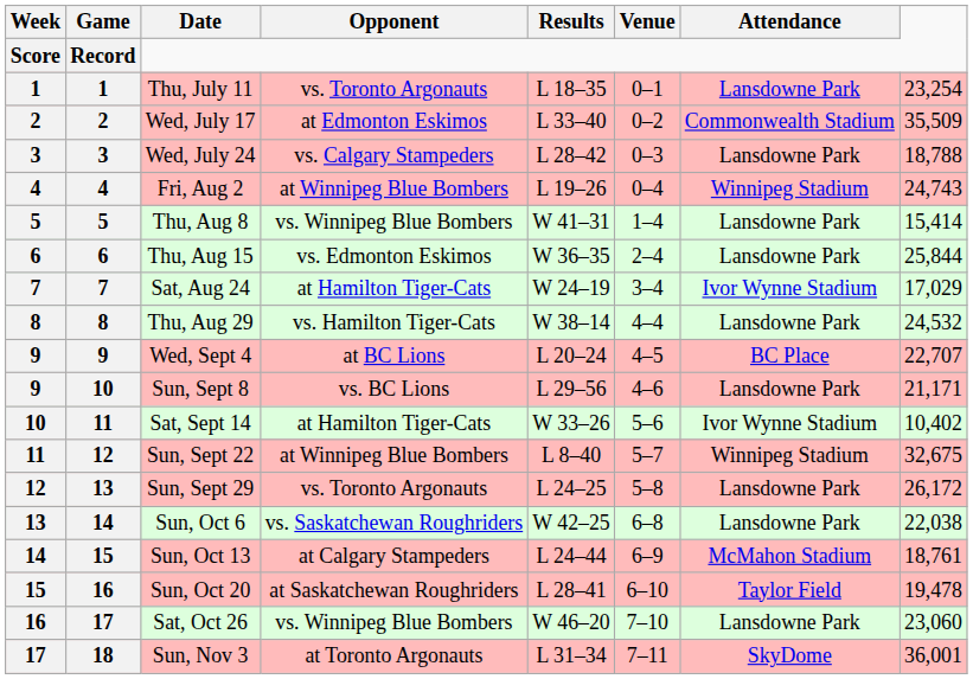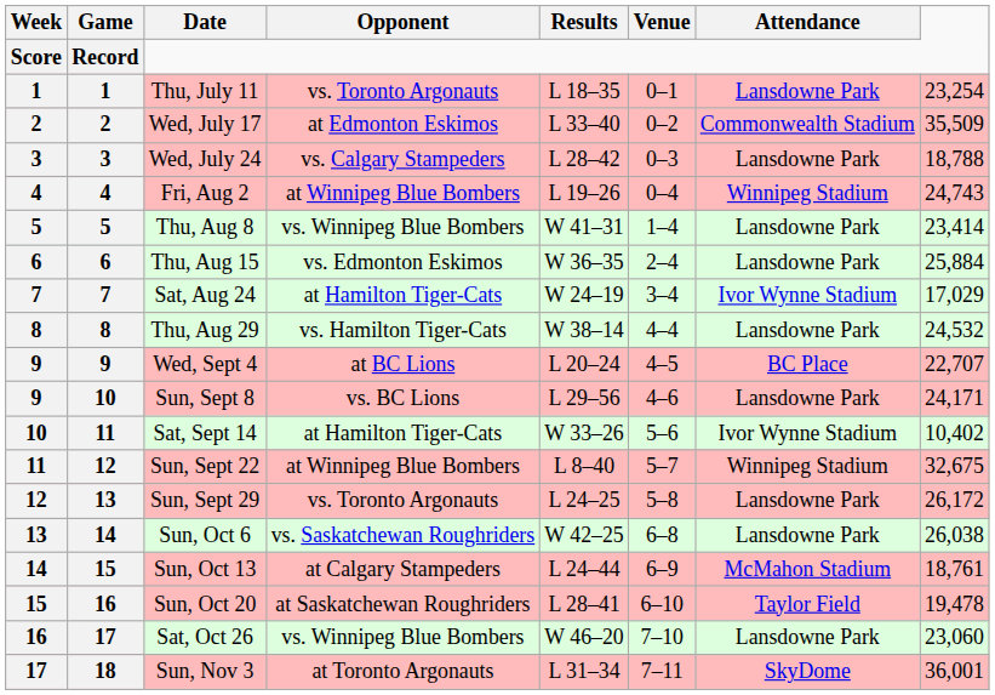 <table class="wikitable" style="text-align:center">
 <tr>
 <th>Week</th>
 <th>Game</th>
 <th>Date</th>
 <th>Opponent</th>
 <th>Results</th>
 <th>Venue</th>
 <th>Attendance</th>
 </tr>
 <tr>
 <th>Score</th>
 <th>Record</th>
 </tr>
 <tr style="background:#ffbbbb">
 <th>1</th>
 <th>1</th>
 <td>Thu, July 11</td>
 <td>vs. <a href='#'>Toronto Argonauts</a></td>
 <td>L 18–35</td>
 <td>0–1</td>
 <td><a href='#'>Lansdowne Park</a></td>
 <td>23,254</td>
 </tr>
 <tr style="background:#ffbbbb">
 <th>2</th>
 <th>2</th>
 <td>Wed, July 17</td>
 <td>at <a href='#'>Edmonton Eskimos</a></td>
 <td>L 33–40</td>
 <td>0–2</td>
 <td><a href='#'>Commonwealth Stadium</a></td>
 <td>35,509</td>
 </tr>
 <tr style="background:#ffbbbb">
 <th>3</th>
 <th>3</th>
 <td>Wed, July 24</td>
 <td>vs. <a href='#'>Calgary Stampeders</a></td>
 <td>L 28–42</td>
 <td>0–3</td>
 <td>Lansdowne Park</td>
 <td>18,788</td>
 </tr>
 <tr style="background:#ffbbbb">
 <th>4</th>
 <th>4</th>
 <td>Fri, Aug 2</td>
 <td>at <a href='#'>Winnipeg Blue Bombers</a></td>
 <td>L 19–26</td>
 <td>0–4</td>
 <td><a href='#'>Winnipeg Stadium</a></td>
 <td>24,743</td>
 </tr>
 <tr style="background:#ddffdd">
 <th>5</th>
 <th>5</th>
 <td>Thu, Aug 8</td>
 <td>vs. Winnipeg Blue Bombers</td>
 <td>W 41–31</td>
 <td>1–4</td>
 <td>Lansdowne Park</td>
-<td>15,414</td>
+<td>23,414</td>
 </tr>
 <tr style="background:#ddffdd">
 <th>6</th>
 <th>6</th>
 <td>Thu, Aug 15</td>
 <td>vs. Edmonton Eskimos</td>
 <td>W 36–35</td>
 <td>2–4</td>
 <td>Lansdowne Park</td>
-<td>25,844</td>
+<td>25,884</td>
 </tr>
 <tr style="background:#ddffdd">
 <th>7</th>
 <th>7</th>
 <td>Sat, Aug 24</td>
 <td>at <a href='#'>Hamilton Tiger-Cats</a></td>
 <td>W 24–19</td>
 <td>3–4</td>
 <td><a href='#'>Ivor Wynne Stadium</a></td>
 <td>17,029</td>
 </tr>
 <tr style="background:#ddffdd">
 <th>8</th>
 <th>8</th>
 <td>Thu, Aug 29</td>
 <td>vs. Hamilton Tiger-Cats</td>
 <td>W 38–14</td>
 <td>4–4</td>
 <td>Lansdowne Park</td>
 <td>24,532</td>
 </tr>
 <tr style="background:#ffbbbb">
 <th>9</th>
 <th>9</th>
 <td>Wed, Sept 4</td>
 <td>at <a href='#'>BC Lions</a></td>
 <td>L 20–24</td>
 <td>4–5</td>
 <td><a href='#'>BC Place</a></td>
 <td>22,707</td>
 </tr>
 <tr style="background:#ffbbbb">
 <th>9</th>
 <th>10</th>
 <td>Sun, Sept 8</td>
 <td>vs. BC Lions</td>
 <td>L 29–56</td>
 <td>4–6</td>
 <td>Lansdowne Park</td>
-<td>21,171</td>
+<td>24,171</td>
 </tr>
 <tr style="background:#ddffdd">
 <th>10</th>
 <th>11</th>
 <td>Sat, Sept 14</td>
 <td>at Hamilton Tiger-Cats</td>
 <td>W 33–26</td>
 <td>5–6</td>
 <td>Ivor Wynne Stadium</td>
 <td>10,402</td>
 </tr>
 <tr style="background:#ffbbbb">
 <th>11</th>
 <th>12</th>
 <td>Sun, Sept 22</td>
 <td>at Winnipeg Blue Bombers</td>
 <td>L 8–40</td>
 <td>5–7</td>
 <td>Winnipeg Stadium</td>
 <td>32,675</td>
 </tr>
 <tr style="background:#ffbbbb">
 <th>12</th>
 <th>13</th>
 <td>Sun, Sept 29</td>
 <td>vs. Toronto Argonauts</td>
 <td>L 24–25</td>
 <td>5–8</td>
 <td>Lansdowne Park</td>
 <td>26,172</td>
 </tr>
 <tr style="background:#ddffdd">
 <th>13</th>
 <th>14</th>
 <td>Sun, Oct 6</td>
 <td>vs. <a href='#'>Saskatchewan Roughriders</a></td>
 <td>W 42–25</td>
 <td>6–8</td>
 <td>Lansdowne Park</td>
-<td>22,038</td>
+<td>26,038</td>
 </tr>
 <tr style="background:#ffbbbb">
 <th>14</th>
 <th>15</th>
 <td>Sun, Oct 13</td>
 <td>at Calgary Stampeders</td>
 <td>L 24–44</td>
 <td>6–9</td>
 <td><a href='#'>McMahon Stadium</a></td>
 <td>18,761</td>
 </tr>
 <tr style="background:#ffbbbb">
 <th>15</th>
 <th>16</th>
 <td>Sun, Oct 20</td>
 <td>at Saskatchewan Roughriders</td>
 <td>L 28–41</td>
 <td>6–10</td>
 <td><a href='#'>Taylor Field</a></td>
 <td>19,478</td>
 </tr>
 <tr style="background:#ddffdd">
 <th>16</th>
 <th>17</th>
 <td>Sat, Oct 26</td>
 <td>vs. Winnipeg Blue Bombers</td>
 <td>W 46–20</td>
 <td>7–10</td>
 <td>Lansdowne Park</td>
 <td>23,060</td>
 </tr>
 <tr style="background:#ffbbbb">
 <th>17</th>
 <th>18</th>
 <td>Sun, Nov 3</td>
 <td>at Toronto Argonauts</td>
 <td>L 31–34</td>
 <td>7–11</td>
 <td><a href='#'>SkyDome</a></td>
 <td>36,001</td>
 </tr>
 </table>
